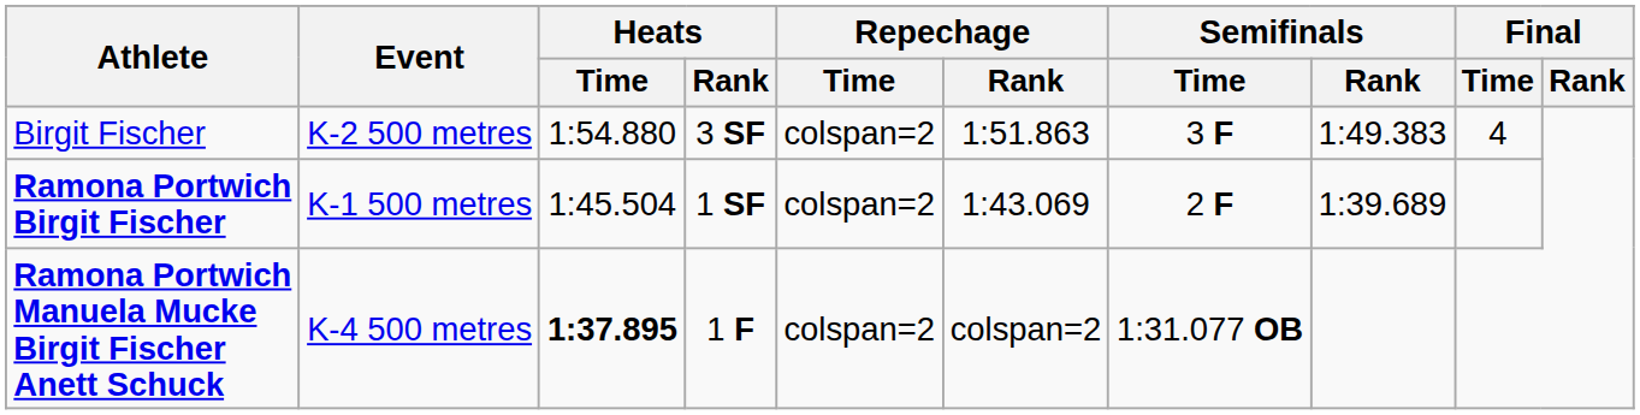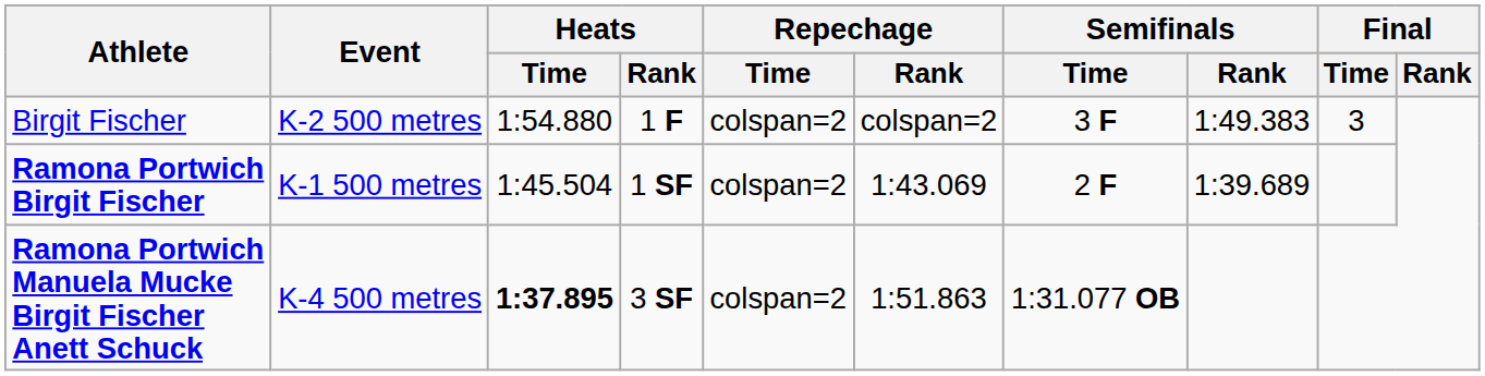 <table class=wikitable style="font-size:90%">
 <tr>
 <th rowspan="2">Athlete</th>
 <th rowspan="2">Event</th>
 <th colspan=2>Heats</th>
 <th colspan=2>Repechage</th>
 <th colspan=2>Semifinals</th>
 <th colspan=2>Final</th>
 </tr>
 <tr style="font-size:95%">
 <th>Time</th>
 <th>Rank</th>
 <th>Time</th>
 <th>Rank</th>
 <th>Time</th>
 <th>Rank</th>
 <th>Time</th>
 <th>Rank</th>
 </tr>
 <tr align=center>
 <td align=left><a href='#'>Birgit Fischer</a></td>
 <td align=left><a href='#'>K-2 500 metres</a></td>
 <td>1:54.880</td>
-<td>3 <strong>SF</strong></td>
+<td>1 <strong>F</strong></td>
 <td>colspan=2</td>
-<td>1:51.863</td>
+<td>colspan=2</td>
 <td>3 <strong>F</strong></td>
 <td>1:49.383</td>
-<td>4</td>
+<td>3</td>
 </tr>
 <tr align=center>
 <td align=left><strong><a href='#'>Ramona Portwich</a><br><a href='#'>Birgit Fischer</a></strong></td>
 <td align=left><a href='#'>K-1 500 metres</a></td>
 <td>1:45.504</td>
 <td>1 <strong>SF</strong></td>
 <td>colspan=2</td>
 <td>1:43.069</td>
 <td>2 <strong>F</strong></td>
 <td>1:39.689</td>
 <td></td>
 </tr>
 <tr align=center>
 <td align=left><strong><a href='#'>Ramona Portwich</a><br><a href='#'>Manuela Mucke</a><br><a href='#'>Birgit Fischer</a><br><a href='#'>Anett Schuck</a></strong></td>
 <td align=left><a href='#'>K-4 500 metres</a></td>
 <td><strong>1:37.895</strong></td>
-<td>1 <strong>F</strong></td>
+<td>3 <strong>SF</strong></td>
 <td>colspan=2</td>
-<td>colspan=2</td>
+<td>1:51.863</td>
 <td>1:31.077 <strong>OB</strong></td>
 <td></td>
 </tr>
 </table>
